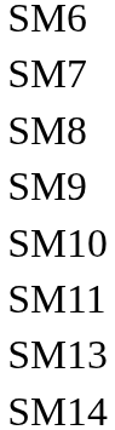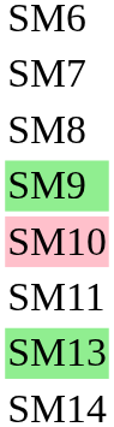 <table>
 <tr>
 <td>SM6</td>
 <td></td>
 <td></td>
 <td></td>
 </tr>
 <tr>
 <td>SM7</td>
 <td></td>
 <td></td>
 <td></td>
 </tr>
 <tr>
 <td>SM8</td>
 <td></td>
 <td></td>
 <td></td>
 </tr>
 <tr>
-<td>SM9</td>
+<td style="background: lightgreen;">SM9</td>
 <td></td>
 <td></td>
 <td></td>
 </tr>
 <tr>
-<td>SM10</td>
+<td style="background: pink;">SM10</td>
 <td></td>
 <td></td>
 <td></td>
 </tr>
 <tr>
 <td>SM11</td>
 <td></td>
 <td></td>
 <td></td>
 </tr>
 <tr>
-<td>SM13</td>
+<td style="background: lightgreen;">SM13</td>
 <td></td>
 <td></td>
 <td></td>
 </tr>
 <tr>
 <td>SM14</td>
 <td></td>
 <td></td>
 <td></td>
 </tr>
 </table>
